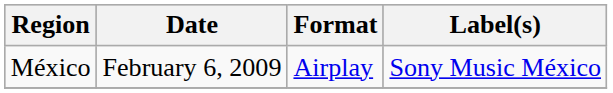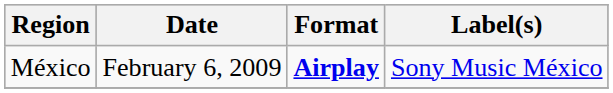 <table class="wikitable">
 <tr>
 <th>Region</th>
 <th>Date</th>
 <th>Format</th>
 <th>Label(s)</th>
 </tr>
 <tr>
 <td>México</td>
 <td>February 6, 2009</td>
-<td><a href='#'>Airplay</a></td>
+<td><strong><a href='#'>Airplay</a></strong></td>
 <td><a href='#'>Sony Music México</a></td>
 </tr>
 <tr>
 </tr>
 </table>
